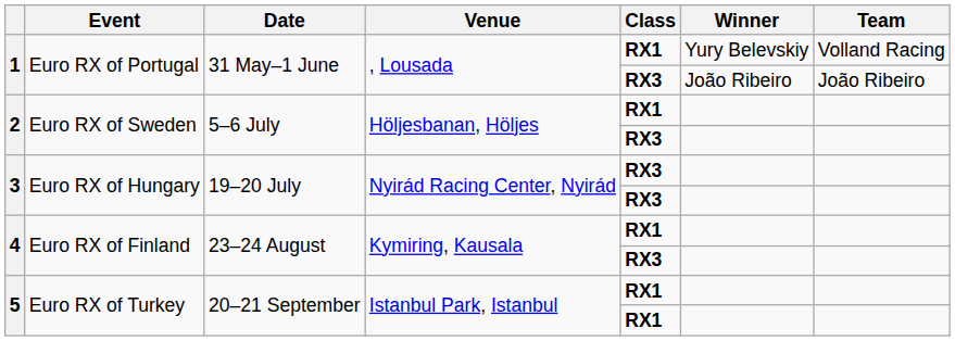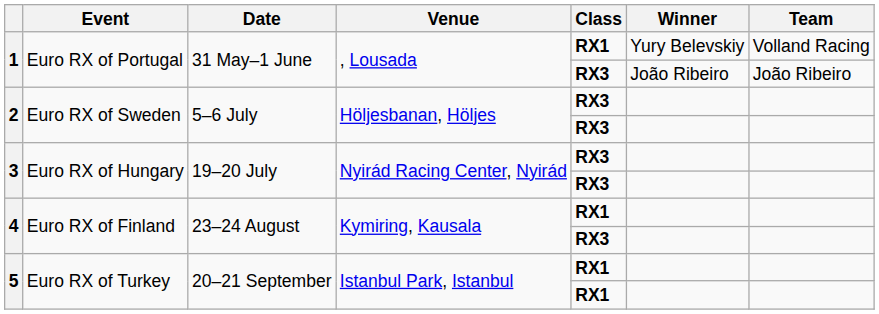 <table class="wikitable" style="font-size:85%;">
 <tr>
 <th></th>
 <th>Event</th>
 <th>Date</th>
 <th>Venue</th>
 <th>Class</th>
 <th>Winner</th>
 <th>Team</th>
 </tr>
 <tr>
 <th rowspan="2">1</th>
 <td rowspan="2"> Euro RX of Portugal</td>
 <td rowspan="2">31 May–1 June</td>
 <td rowspan="2">, <a href='#'>Lousada</a></td>
 <td><strong><span>RX1</span></strong></td>
 <td> Yury Belevskiy</td>
 <td> Volland Racing</td>
 </tr>
 <tr>
 <td><strong><span>RX3</span></strong></td>
 <td> João Ribeiro</td>
 <td> João Ribeiro</td>
 </tr>
 <tr>
 <th rowspan="2">2</th>
 <td rowspan="2"> Euro RX of Sweden</td>
 <td rowspan="2">5–6 July</td>
 <td rowspan="2"><a href='#'>Höljesbanan</a>, <a href='#'>Höljes</a></td>
-<td><strong><span>RX1</span></strong></td>
+<td><strong><span>RX3</span></strong></td>
 <td></td>
 <td></td>
 </tr>
 <tr>
 <td><strong><span>RX3</span></strong></td>
 <td></td>
 <td></td>
 </tr>
 <tr>
 <th rowspan="2">3</th>
 <td rowspan="2"> Euro RX of Hungary</td>
 <td rowspan="2">19–20 July</td>
 <td rowspan="2"><a href='#'>Nyirád Racing Center</a>, <a href='#'>Nyirád</a></td>
 <td><strong><span>RX3</span></strong></td>
 <td></td>
 <td></td>
 </tr>
 <tr>
 <td><strong><span>RX3</span></strong></td>
 <td></td>
 <td></td>
 </tr>
 <tr>
 <th rowspan="2">4</th>
 <td rowspan="2"> Euro RX of Finland</td>
 <td rowspan="2">23–24 August</td>
 <td rowspan="2"><a href='#'>Kymiring</a>, <a href='#'>Kausala</a></td>
 <td><strong><span>RX1</span></strong></td>
 <td></td>
 <td></td>
 </tr>
 <tr>
 <td><strong><span>RX3</span></strong></td>
 <td></td>
 <td></td>
 </tr>
 <tr>
 <th rowspan="2">5</th>
 <td rowspan="2"> Euro RX of Turkey</td>
 <td rowspan="2">20–21 September</td>
 <td rowspan="2"><a href='#'>Istanbul Park</a>, <a href='#'>Istanbul</a></td>
 <td><strong><span>RX1</span></strong></td>
 <td></td>
 <td></td>
 </tr>
 <tr>
 <td><strong><span>RX1</span></strong></td>
 <td></td>
 <td></td>
 </tr>
 </table>
